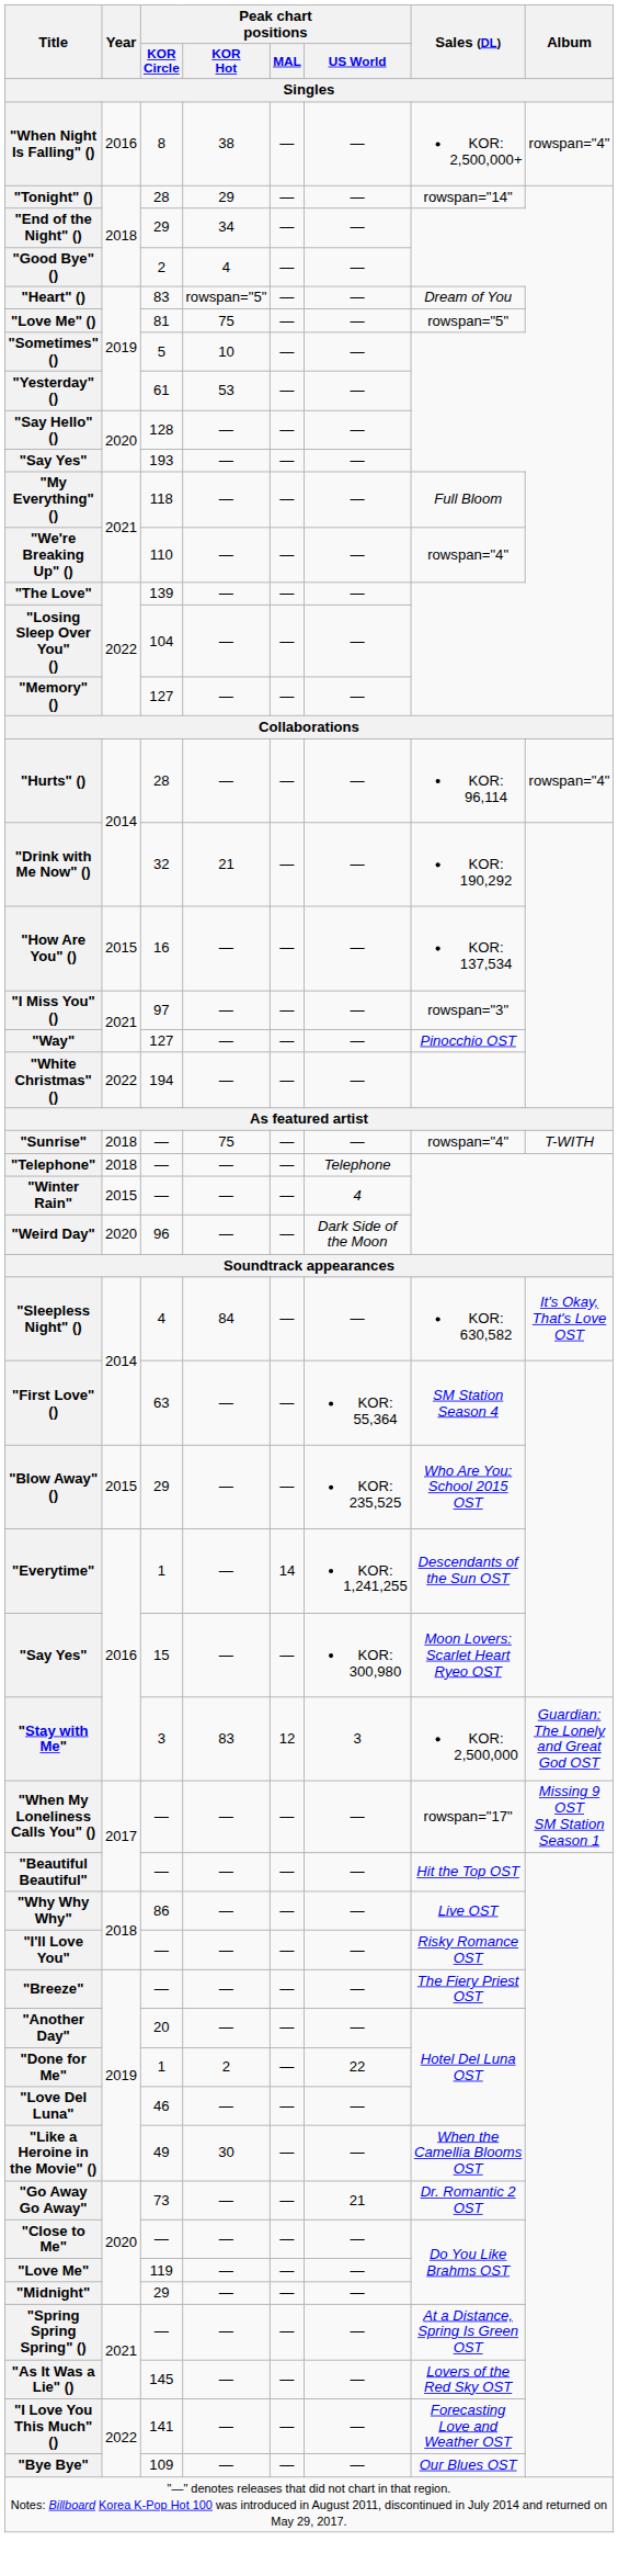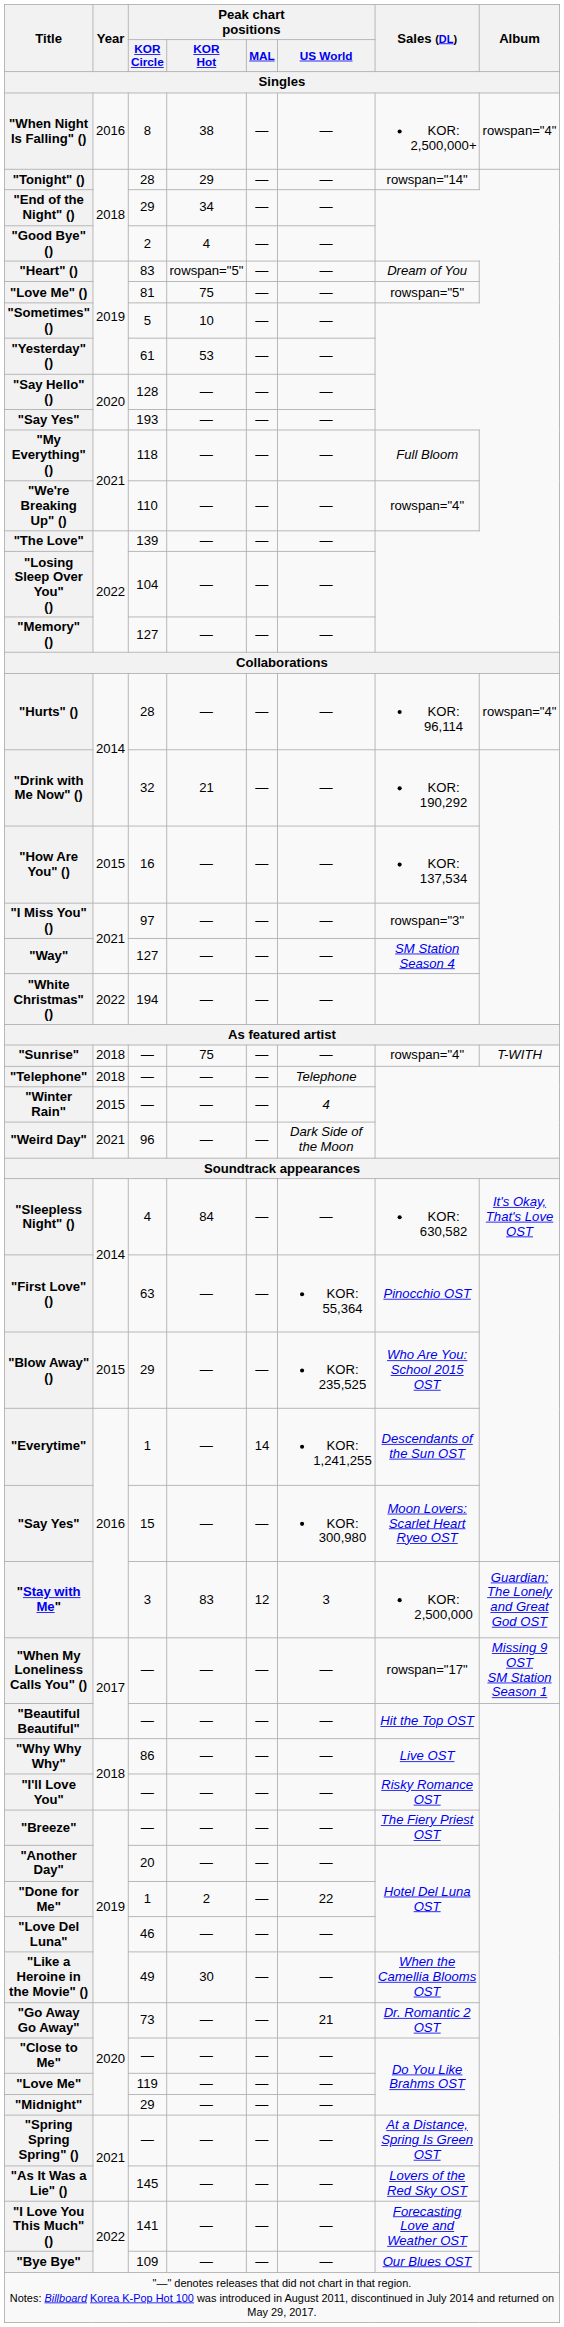 <table class="wikitable plainrowheaders" style="text-align:center;">
 <tr>
 <th scope="col" rowspan="2" style="width:20em;">Title</th>
 <th scope="col" rowspan="2">Year</th>
 <th scope="col" colspan="4">Peak chart <br> positions</th>
 <th scope="col" rowspan="2" style="width:10em;">Sales <small>(<a href='#'>DL</a>)</small></th>
 <th rowspan="2">Album</th>
 </tr>
 <tr>
 <th scope="col" style="width:2.5em; font-size:90%"><a href='#'>KOR<br>Circle</a><br></th>
 <th scope="col" style="width:2.5em; font-size:90%"><a href='#'>KOR<br>Hot</a><br></th>
 <th scope="col" style="width:2.5em; font-size:90%"><a href='#'>MAL</a><br></th>
 <th scope="col" style="width:2.5em; font-size:90%"><a href='#'>US World</a><br></th>
 </tr>
 <tr>
 <th colspan="8">Singles</th>
 </tr>
 <tr>
 <th scope="row">"When Night Is Falling" ()</th>
 <td>2016</td>
 <td>8</td>
 <td>38</td>
 <td>—</td>
 <td>—</td>
 <td><br><ul><li>KOR: 2,500,000+</li></ul></td>
 <td>rowspan="4" </td>
 </tr>
 <tr>
 <th scope="row">"Tonight" ()</th>
 <td rowspan="3">2018</td>
 <td>28</td>
 <td>29</td>
 <td>—</td>
 <td>—</td>
 <td>rowspan="14" </td>
 </tr>
 <tr>
 <th scope="row">"End of the Night" ()</th>
 <td>29</td>
 <td>34</td>
 <td>—</td>
 <td>—</td>
 </tr>
 <tr>
 <th scope="row">"Good Bye" ()</th>
 <td>2</td>
 <td>4</td>
 <td>—</td>
 <td>—</td>
 </tr>
 <tr>
 <th scope="row">"Heart" ()</th>
 <td rowspan="4">2019</td>
 <td>83</td>
 <td>rowspan="5" </td>
 <td>—</td>
 <td>—</td>
 <td><em>Dream of You</em></td>
 </tr>
 <tr>
 <th scope="row">"Love Me" ()</th>
 <td>81</td>
 <td>75</td>
 <td>—</td>
 <td>—</td>
 <td>rowspan="5" </td>
 </tr>
 <tr>
 <th scope="row">"Sometimes" ()</th>
 <td>5</td>
 <td>10</td>
 <td>—</td>
 <td>—</td>
 </tr>
 <tr>
 <th scope="row">"Yesterday" ()</th>
 <td>61</td>
 <td>53</td>
 <td>—</td>
 <td>—</td>
 </tr>
 <tr>
 <th scope="row">"Say Hello" ()</th>
 <td rowspan="2">2020</td>
 <td>128</td>
 <td>—</td>
 <td>—</td>
 <td>—</td>
 </tr>
 <tr>
 <th scope="row">"Say Yes" </th>
 <td>193</td>
 <td>—</td>
 <td>—</td>
 <td>—</td>
 </tr>
 <tr>
 <th scope="row">"My Everything" ()</th>
 <td rowspan="2">2021</td>
 <td>118</td>
 <td>—</td>
 <td>—</td>
 <td>—</td>
 <td><em>Full Bloom</em></td>
 </tr>
 <tr>
 <th scope="row">"We're Breaking Up" ()</th>
 <td>110</td>
 <td>—</td>
 <td>—</td>
 <td>—</td>
 <td>rowspan="4" </td>
 </tr>
 <tr>
 <th scope="row">"The Love"</th>
 <td rowspan="3">2022</td>
 <td>139</td>
 <td>—</td>
 <td>—</td>
 <td>—</td>
 </tr>
 <tr>
 <th scope="row">"Losing Sleep Over You"<br>()</th>
 <td>104</td>
 <td>—</td>
 <td>—</td>
 <td>—</td>
 </tr>
 <tr>
 <th scope="row">"Memory"<br>()</th>
 <td>127</td>
 <td>—</td>
 <td>—</td>
 <td>—</td>
 </tr>
 <tr>
 <th colspan="8">Collaborations</th>
 </tr>
 <tr>
 <th scope="row">"Hurts" () </th>
 <td rowspan="2">2014</td>
 <td>28</td>
 <td>—</td>
 <td>—</td>
 <td>—</td>
 <td><br><ul><li>KOR: 96,114</li></ul></td>
 <td>rowspan="4" </td>
 </tr>
 <tr>
 <th scope="row">"Drink with Me Now" () </th>
 <td>32</td>
 <td>21</td>
 <td>—</td>
 <td>—</td>
 <td><br><ul><li>KOR: 190,292</li></ul></td>
 </tr>
 <tr>
 <th scope="row">"How Are You" () </th>
 <td>2015</td>
 <td>16</td>
 <td>—</td>
 <td>—</td>
 <td>—</td>
 <td><br><ul><li>KOR: 137,534</li></ul></td>
 </tr>
 <tr>
 <th scope="row">"I Miss You" () </th>
 <td rowspan="2">2021</td>
 <td>97</td>
 <td>—</td>
 <td>—</td>
 <td>—</td>
 <td>rowspan="3" </td>
 </tr>
 <tr>
 <th scope="row">"Way" </th>
 <td>127</td>
 <td>—</td>
 <td>—</td>
 <td>—</td>
-<td><em><a href='#'>Pinocchio OST</a></em></td>
+<td><em><a href='#'>SM Station Season 4</a></em></td>
 </tr>
 <tr>
 <th scope="row">"White Christmas" () </th>
 <td>2022</td>
 <td>194</td>
 <td>—</td>
 <td>—</td>
 <td>—</td>
 <td></td>
 </tr>
 <tr>
 <th colspan="8">As featured artist</th>
 </tr>
 <tr>
 <th scope="row">"Sunrise" </th>
 <td>2018</td>
 <td>—</td>
 <td>75</td>
 <td>—</td>
 <td>—</td>
 <td>rowspan="4" </td>
 <td><em>T-WITH</em></td>
 </tr>
 <tr>
 <th scope="row">"Telephone" </th>
 <td>2018</td>
 <td>—</td>
 <td>—</td>
 <td>—</td>
 <td><em>Telephone</em></td>
 </tr>
 <tr>
 <th scope="row">"Winter Rain" </th>
 <td>2015</td>
 <td>—</td>
 <td>—</td>
 <td>—</td>
 <td><em>4</em></td>
 </tr>
 <tr>
 <th scope="row">"Weird Day" </th>
-<td>2020</td>
+<td>2021</td>
 <td>96</td>
 <td>—</td>
 <td>—</td>
 <td><em>Dark Side of the Moon</em></td>
 </tr>
 <tr>
 <th colspan="8">Soundtrack appearances</th>
 </tr>
 <tr>
 <th scope="row">"Sleepless Night" () </th>
 <td rowspan="2">2014</td>
 <td>4</td>
 <td>84</td>
 <td>—</td>
 <td>—</td>
 <td><br><ul><li>KOR: 630,582</li></ul></td>
 <td><em><a href='#'>It's Okay, That's Love OST</a></em></td>
 </tr>
 <tr>
 <th scope="row">"First Love" () </th>
 <td>63</td>
 <td>—</td>
 <td>—</td>
 <td><br><ul><li>KOR: 55,364</li></ul></td>
-<td><em><a href='#'>SM Station Season 4</a></em></td>
+<td><em><a href='#'>Pinocchio OST</a></em></td>
 </tr>
 <tr>
 <th scope="row">"Blow Away" () </th>
 <td>2015</td>
 <td>29</td>
 <td>—</td>
 <td>—</td>
 <td><br><ul><li>KOR: 235,525</li></ul></td>
 <td><em><a href='#'>Who Are You: School 2015 OST</a></em></td>
 </tr>
 <tr>
 <th scope="row">"Everytime" </th>
 <td rowspan="3">2016</td>
 <td>1</td>
 <td>—</td>
 <td>14</td>
 <td><br><ul><li>KOR: 1,241,255</li></ul></td>
 <td><em><a href='#'>Descendants of the Sun OST</a></em></td>
 </tr>
 <tr>
 <th scope="row">"Say Yes" </th>
 <td>15</td>
 <td>—</td>
 <td>—</td>
 <td><br><ul><li>KOR: 300,980</li></ul></td>
 <td><em><a href='#'>Moon Lovers: Scarlet Heart Ryeo OST</a></em></td>
 </tr>
 <tr>
 <th scope="row">"<a href='#'>Stay with Me</a>" </th>
 <td>3</td>
 <td>83</td>
 <td>12</td>
 <td>3</td>
 <td><br><ul><li>KOR: 2,500,000</li></ul></td>
 <td><em><a href='#'>Guardian: The Lonely and Great God OST</a></em></td>
 </tr>
 <tr>
 <th scope="row">"When My Loneliness Calls You" ()</th>
 <td rowspan="2">2017</td>
 <td>—</td>
 <td>—</td>
 <td>—</td>
 <td>—</td>
 <td>rowspan="17" </td>
 <td><em><a href='#'>Missing 9 OST</a><br><a href='#'>SM Station Season 1</a></em></td>
 </tr>
 <tr>
 <th scope="row">"Beautiful Beautiful" </th>
 <td>—</td>
 <td>—</td>
 <td>—</td>
 <td>—</td>
 <td><em><a href='#'>Hit the Top OST</a></em></td>
 </tr>
 <tr>
 <th scope="row">"Why Why Why"</th>
 <td rowspan="2">2018</td>
 <td>86</td>
 <td>—</td>
 <td>—</td>
 <td>—</td>
 <td><em><a href='#'>Live OST</a></em></td>
 </tr>
 <tr>
 <th scope="row">"I'll Love You"</th>
 <td>—</td>
 <td>—</td>
 <td>—</td>
 <td>—</td>
 <td><em><a href='#'>Risky Romance OST</a></em></td>
 </tr>
 <tr>
 <th scope="row">"Breeze" </th>
 <td rowspan="5">2019</td>
 <td>—</td>
 <td>—</td>
 <td>—</td>
 <td>—</td>
 <td><em><a href='#'>The Fiery Priest OST</a></em></td>
 </tr>
 <tr>
 <th scope="row">"Another Day" </th>
 <td>20</td>
 <td>—</td>
 <td>—</td>
 <td>—</td>
 <td rowspan=3><em><a href='#'>Hotel Del Luna OST</a></em></td>
 </tr>
 <tr>
 <th scope="row">"Done for Me"</th>
 <td>1</td>
 <td>2</td>
 <td>—</td>
 <td>22</td>
 </tr>
 <tr>
 <th scope="row">"Love Del Luna" </th>
 <td>46</td>
 <td>—</td>
 <td>—</td>
 <td>—</td>
 </tr>
 <tr>
 <th scope="row">"Like a Heroine in the Movie" ()</th>
 <td>49</td>
 <td>30</td>
 <td>—</td>
 <td>—</td>
 <td><em><a href='#'>When the Camellia Blooms OST</a></em></td>
 </tr>
 <tr>
 <th scope="row">"Go Away Go Away" </th>
 <td rowspan=4>2020</td>
 <td>73</td>
 <td>—</td>
 <td>—</td>
 <td>21</td>
 <td><em><a href='#'>Dr. Romantic 2 OST</a></em></td>
 </tr>
 <tr>
 <th scope="row">"Close to Me"</th>
 <td>—</td>
 <td>—</td>
 <td>—</td>
 <td>—</td>
 <td rowspan=3><em><a href='#'>Do You Like Brahms OST</a></em></td>
 </tr>
 <tr>
 <th scope="row">"Love Me"</th>
 <td>119</td>
 <td>—</td>
 <td>—</td>
 <td>—</td>
 </tr>
 <tr>
 <th scope="row">"Midnight" </th>
 <td>29</td>
 <td>—</td>
 <td>—</td>
 <td>—</td>
 </tr>
 <tr>
 <th scope="row">"Spring Spring Spring" ()</th>
 <td rowspan=2>2021</td>
 <td>—</td>
 <td>—</td>
 <td>—</td>
 <td>—</td>
 <td><em><a href='#'>At a Distance, Spring Is Green OST</a></em></td>
 </tr>
 <tr>
 <th scope="row">"As It Was a Lie" ()</th>
 <td>145</td>
 <td>—</td>
 <td>—</td>
 <td>—</td>
 <td><em><a href='#'>Lovers of the Red Sky OST</a></em></td>
 </tr>
 <tr>
 <th scope="row">"I Love You This Much" ()</th>
 <td rowspan="2">2022</td>
 <td>141</td>
 <td>—</td>
 <td>—</td>
 <td>—</td>
 <td><em><a href='#'>Forecasting Love and Weather OST</a></em></td>
 </tr>
 <tr>
 <th scope="row">"Bye Bye"</th>
 <td>109</td>
 <td>—</td>
 <td>—</td>
 <td>—</td>
 <td><em><a href='#'>Our Blues OST</a></em></td>
 </tr>
 <tr>
 <td colspan="8" align="center"><small>"—" denotes releases that did not chart in that region.<br>Notes: <em><a href='#'>Billboard</a></em> <a href='#'>Korea K-Pop Hot 100</a> was introduced in August 2011, discontinued in July 2014 and returned on May 29, 2017.</small></td>
 </tr>
 </table>
